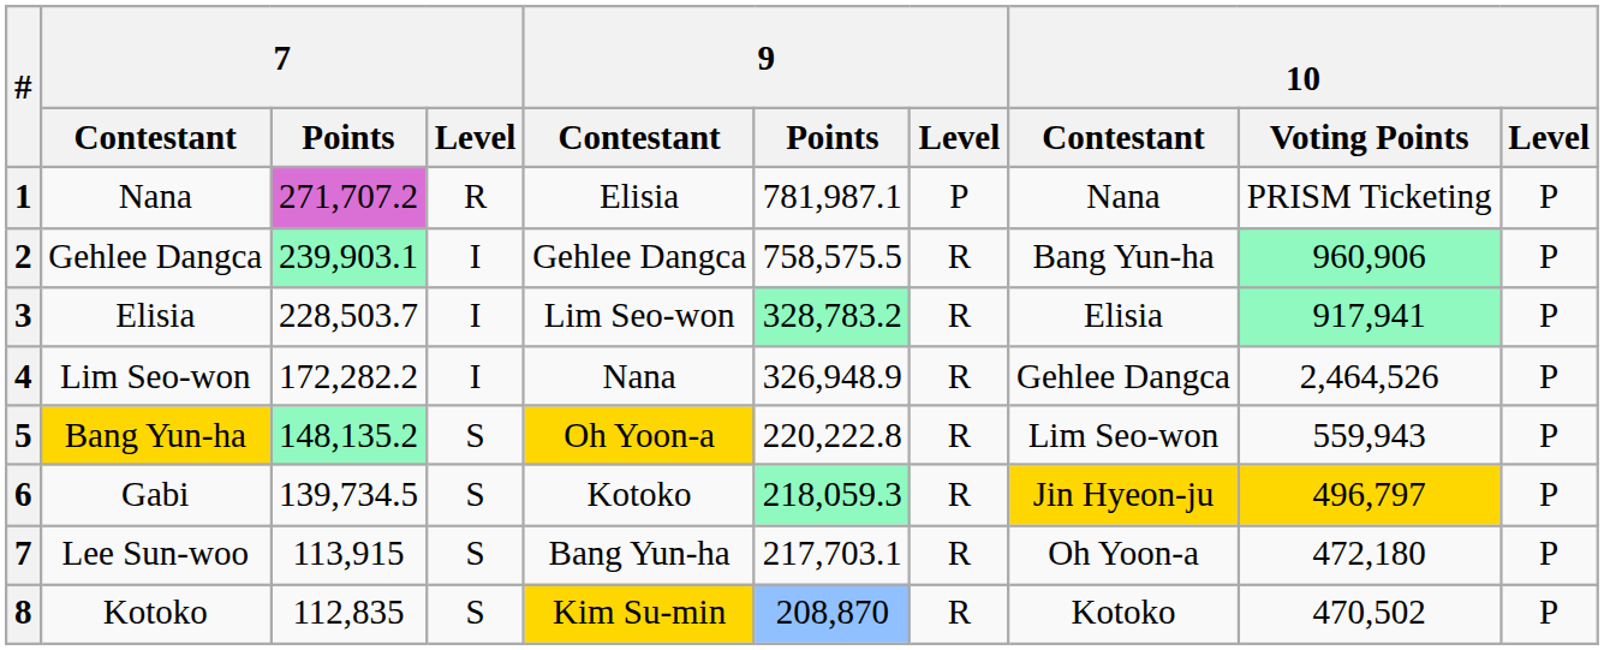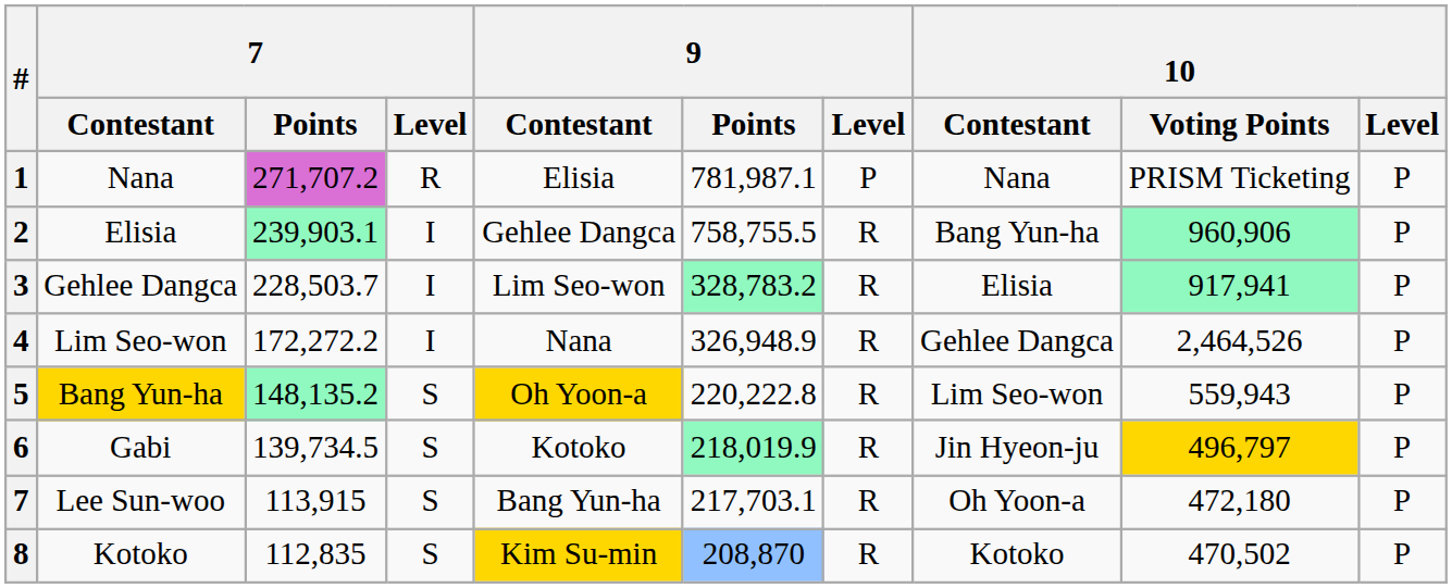 <table class="wikitable sortable" style="text-align:center; font-size:small;">
 <tr>
 <th rowspan="2">#</th>
 <th colspan="3" class="unsortable"> 7</th>
 <th colspan="3" class="unsortable"> 9</th>
 <th colspan="3" class="unsortable"><br> 10</th>
 </tr>
 <tr>
 <th>Contestant</th>
 <th>Points</th>
 <th>Level</th>
 <th>Contestant</th>
 <th>Points</th>
 <th>Level</th>
 <th>Contestant</th>
 <th>Voting Points</th>
 <th>Level</th>
 </tr>
 <tr>
 <th>1</th>
 <td>Nana </td>
 <td style="background:#DA70D6">271,707.2</td>
 <td>R</td>
 <td>Elisia </td>
 <td>781,987.1</td>
 <td>P</td>
 <td>Nana </td>
 <td>PRISM Ticketing</td>
 <td>P</td>
 </tr>
 <tr>
 <th>2</th>
-<td>Gehlee Dangca </td>
+<td>Elisia </td>
 <td style="background:#90F9C0">239,903.1</td>
 <td>I</td>
 <td>Gehlee Dangca </td>
-<td>758,575.5</td>
+<td>758,755.5</td>
 <td>R</td>
 <td>Bang Yun-ha </td>
 <td style="background:#90F9C0">960,906</td>
 <td>P</td>
 </tr>
 <tr>
 <th>3</th>
-<td>Elisia </td>
+<td>Gehlee Dangca </td>
 <td>228,503.7</td>
 <td>I</td>
 <td>Lim Seo-won </td>
 <td style="background:#90F9C0">328,783.2</td>
 <td>R</td>
 <td>Elisia </td>
 <td style="background:#90F9C0">917,941</td>
 <td>P</td>
 </tr>
 <tr>
 <th>4</th>
 <td>Lim Seo-won </td>
-<td>172,282.2</td>
+<td>172,272.2</td>
 <td>I</td>
 <td>Nana </td>
 <td>326,948.9</td>
 <td>R</td>
 <td>Gehlee Dangca </td>
 <td>2,464,526</td>
 <td>P</td>
 </tr>
 <tr>
 <th>5</th>
 <td style="background: gold;">Bang Yun-ha </td>
 <td style="background:#90F9C0">148,135.2</td>
 <td>S</td>
 <td style="background:gold">Oh Yoon-a </td>
 <td>220,222.8</td>
 <td>R</td>
 <td>Lim Seo-won </td>
 <td>559,943</td>
 <td>P</td>
 </tr>
 <tr>
 <th>6</th>
 <td>Gabi </td>
 <td>139,734.5</td>
 <td>S</td>
 <td>Kotoko </td>
-<td style="background:#90F9C0">218,059.3</td>
+<td style="background:#90F9C0">218,019.9</td>
 <td>R</td>
-<td style="background: gold;">Jin Hyeon-ju </td>
+<td>Jin Hyeon-ju </td>
 <td style="background:Gold">496,797</td>
 <td>P</td>
 </tr>
 <tr>
 <th>7</th>
 <td>Lee Sun-woo </td>
 <td>113,915</td>
 <td>S</td>
 <td>Bang Yun-ha </td>
 <td>217,703.1</td>
 <td>R</td>
 <td>Oh Yoon-a </td>
 <td>472,180</td>
 <td>P</td>
 </tr>
 <tr>
 <th>8</th>
 <td>Kotoko </td>
 <td>112,835</td>
 <td>S</td>
 <td style="background:gold">Kim Su-min </td>
 <td style="background:#90C0FF">208,870</td>
 <td>R</td>
 <td>Kotoko </td>
 <td>470,502</td>
 <td>P</td>
 </tr>
 </table>
